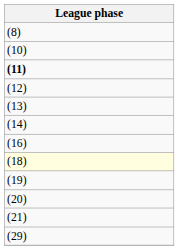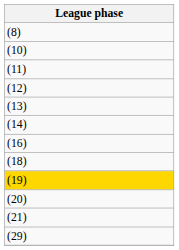 <table class="wikitable">
 <tr>
 <th width=225>League phase</th>
 </tr>
 <tr>
 <td> (8)</td>
 </tr>
 <tr>
 <td> (10)</td>
 </tr>
 <tr>
-<td><strong> (11)</strong></td>
+<td> (11)</td>
 </tr>
 <tr>
 <td> (12)</td>
 </tr>
 <tr>
 <td> (13)</td>
 </tr>
 <tr>
 <td> (14)</td>
 </tr>
 <tr>
 <td> (16)</td>
 </tr>
 <tr>
-<td style="background: lightyellow;"> (18)</td>
+<td> (18)</td>
 </tr>
 <tr>
-<td> (19)</td>
+<td style="background: gold;"> (19)</td>
 </tr>
 <tr>
 <td> (20)</td>
 </tr>
 <tr>
 <td> (21)</td>
 </tr>
 <tr>
 <td> (29)</td>
 </tr>
 <tr>
 </tr>
 </table>
